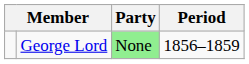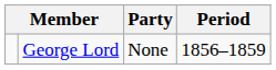 <table class="wikitable">
 <tr>
 <th colspan="2">Member</th>
 <th>Party</th>
 <th>Period</th>
 </tr>
 <tr>
 <td> </td>
 <td><a href='#'>George Lord</a></td>
-<td style="background: lightgreen;">None</td>
+<td>None</td>
 <td>1856–1859</td>
 </tr>
 </table>
